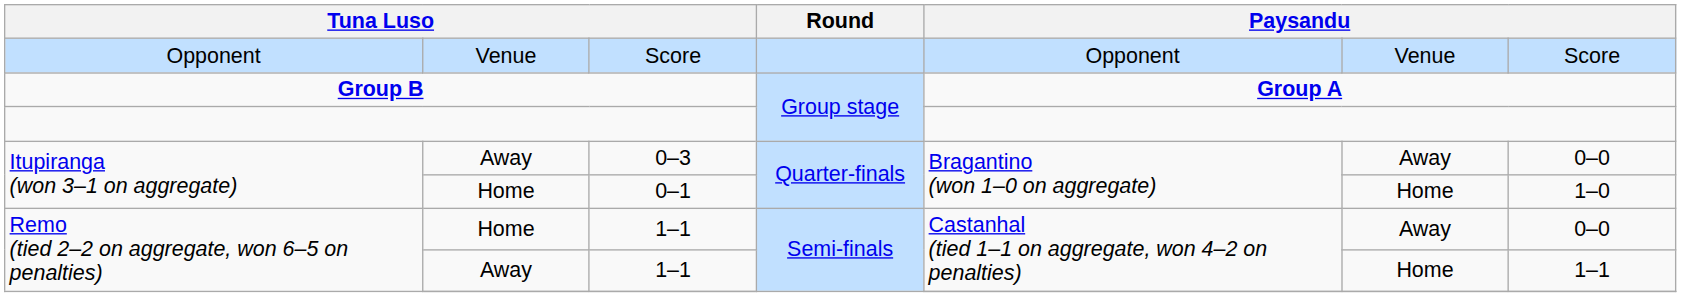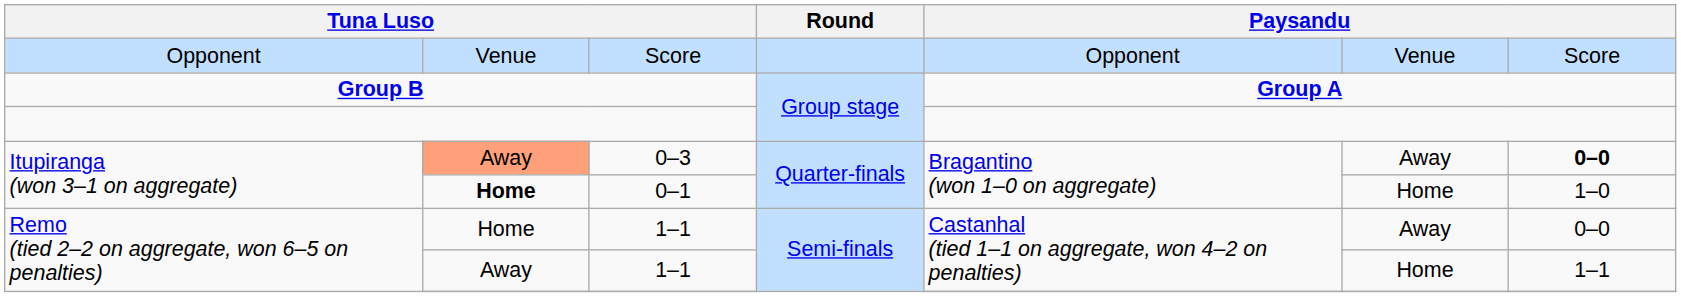 <table class="wikitable" style="text-align: center;">
 <tr>
 <th colspan=3><a href='#'>Tuna Luso</a></th>
 <th>Round</th>
 <th colspan=3><a href='#'>Paysandu</a></th>
 </tr>
 <tr bgcolor=#c1e0ff>
 <td width=25%>Opponent</td>
 <td width=10%>Venue</td>
 <td width=10%>Score</td>
 <td width=10%></td>
 <td width=25%>Opponent</td>
 <td width=10%>Venue</td>
 <td width=10%>Score</td>
 </tr>
 <tr>
 <td colspan=3><strong><a href='#'>Group B</a></strong></td>
 <td rowspan=2 bgcolor=#c1e0ff><a href='#'>Group stage</a></td>
 <td colspan=3><strong><a href='#'>Group A</a></strong></td>
 </tr>
 <tr>
 <td colspan=3 align=center valign=top><br></td>
 <td colspan=3 align=center valign=top><br></td>
 </tr>
 <tr>
 <td rowspan=2 align=left><a href='#'>Itupiranga</a><br><em>(won 3–1 on aggregate)</em></td>
-<td>Away</td>
+<td style="background: lightsalmon;">Away</td>
 <td>0–3</td>
 <td rowspan=2 bgcolor=#c1e0ff><a href='#'>Quarter-finals</a></td>
 <td rowspan=2 align=left><a href='#'>Bragantino</a><br><em>(won 1–0 on aggregate)</em></td>
 <td>Away</td>
-<td>0–0</td>
+<td><strong>0–0</strong></td>
 </tr>
 <tr>
-<td>Home</td>
+<td><strong>Home</strong></td>
 <td>0–1</td>
 <td>Home</td>
 <td>1–0</td>
 </tr>
 <tr>
 <td rowspan=3 align=left><a href='#'>Remo</a><br><em>(tied 2–2 on aggregate, won 6–5 on penalties)</em></td>
 <td>Home</td>
 <td>1–1</td>
 <td rowspan=3 bgcolor=#c1e0ff><a href='#'>Semi-finals</a></td>
 <td rowspan=2 align=left><a href='#'>Castanhal</a><br><em>(tied 1–1 on aggregate, won 4–2 on penalties)</em></td>
 <td>Away</td>
 <td>0–0</td>
 </tr>
 <tr>
 <td>Away</td>
 <td>1–1</td>
 <td>Home</td>
 <td>1–1</td>
 </tr>
 <tr>
 </tr>
 </table>
